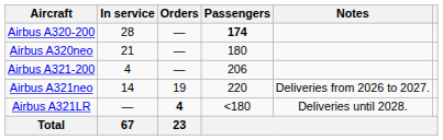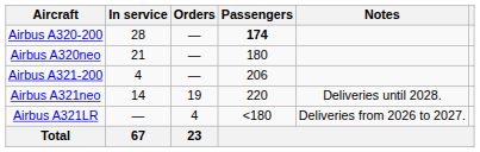 <table class="wikitable" style="text-align:center;margin:1em auto;">
 <tr>
 <th>Aircraft</th>
 <th>In service</th>
 <th>Orders</th>
 <th>Passengers</th>
 <th>Notes</th>
 <th></th>
 </tr>
 <tr>
 <td><a href='#'>Airbus A320-200</a></td>
 <td>28</td>
 <td>—</td>
 <td><strong>174</strong></td>
 <td></td>
 <td></td>
 </tr>
 <tr>
 <td><a href='#'>Airbus A320neo</a></td>
 <td>21</td>
 <td>—</td>
 <td>180</td>
 <td></td>
 <td></td>
 </tr>
 <tr>
 <td><a href='#'>Airbus A321-200</a></td>
 <td>4</td>
 <td>—</td>
 <td>206</td>
 <td></td>
 <td></td>
 </tr>
 <tr>
 <td><a href='#'>Airbus A321neo</a></td>
 <td>14</td>
 <td>19</td>
 <td>220</td>
-<td>Deliveries from 2026 to 2027.</td>
+<td>Deliveries until 2028.</td>
 <td>  </td>
 </tr>
 <tr>
 <td><a href='#'>Airbus A321LR</a></td>
 <td>—</td>
-<td><strong>4</strong></td>
+<td>4</td>
 <td><180</td>
-<td>Deliveries until 2028.</td>
+<td>Deliveries from 2026 to 2027.</td>
 <td></td>
 </tr>
 <tr>
 <th>Total</th>
 <th>67</th>
 <th>23</th>
 <th colspan="3"></th>
 </tr>
 </table>
